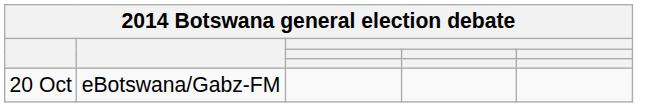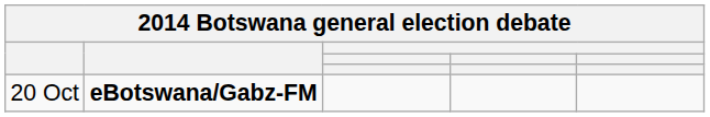 <table class="wikitable" style="font-size:98%; text-align:center;">
 <tr>
 <th colspan="5">2014 Botswana general election debate</th>
 </tr>
 <tr>
 <th style="white-space:nowrap;" rowspan="3"></th>
 <th rowspan="3"></th>
 <th colspan="3" scope="col">    </th>
 </tr>
 <tr>
 <th scope="col" style="width:5em;"></th>
 <th scope="col" style="width:5em;"></th>
 <th scope="col" style="width:5em;"></th>
 </tr>
 <tr>
 <th style="background:"></th>
 <th style="background:"></th>
 <th style="background:"></th>
 </tr>
 <tr>
 <td style="white-space:nowrap; text-align:left;">20 Oct</td>
-<td style="white-space:nowrap; text-align:left;">eBotswana/Gabz-FM</td>
+<td style="white-space:nowrap; text-align:left;"><strong>eBotswana/Gabz-FM</strong></td>
 <td></td>
 <td></td>
 <td></td>
 </tr>
 </table>
